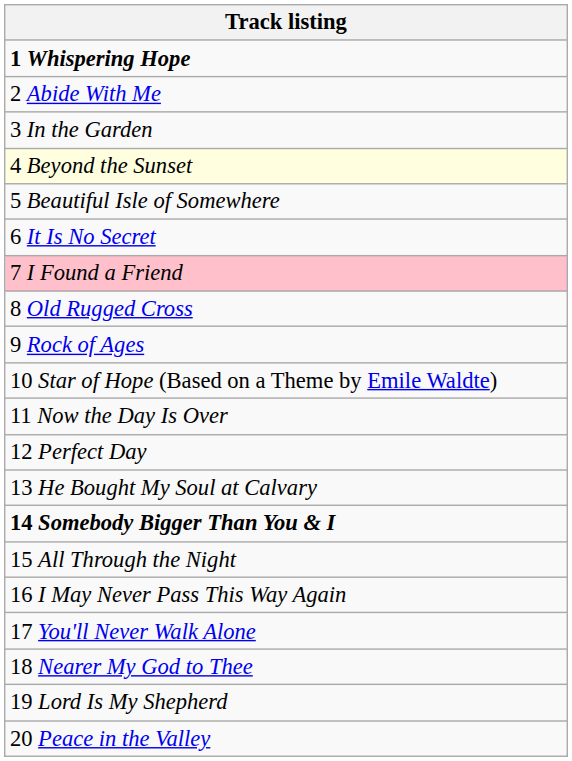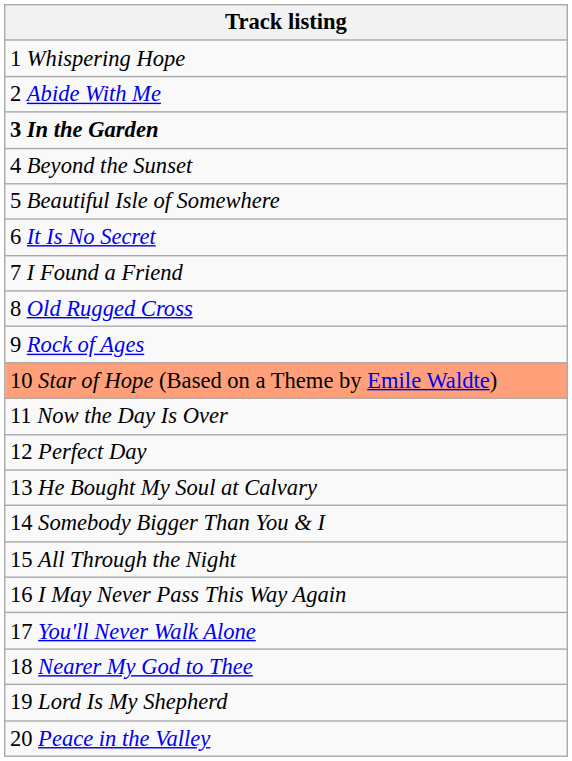 <table class="wikitable collapsible collapsed" style="width:400px;">
 <tr>
 <th>Track listing</th>
 </tr>
 <tr>
-<td><strong>1 <em>Whispering Hope</em></strong></td>
+<td>1 <em>Whispering Hope</em></td>
 </tr>
 <tr>
 <td>2 <em><a href='#'>Abide With Me</a></em></td>
 </tr>
 <tr>
-<td>3 <em>In the Garden</em></td>
+<td><strong>3 <em>In the Garden</em></strong></td>
 </tr>
 <tr>
-<td style="background: lightyellow;">4 <em>Beyond the Sunset</em></td>
+<td>4 <em>Beyond the Sunset</em></td>
 </tr>
 <tr>
 <td>5 <em>Beautiful Isle of Somewhere</em></td>
 </tr>
 <tr>
 <td>6 <em><a href='#'>It Is No Secret</a></em></td>
 </tr>
 <tr>
-<td style="background: pink;">7 <em>I Found a Friend</em></td>
+<td>7 <em>I Found a Friend</em></td>
 </tr>
 <tr>
 <td>8 <em><a href='#'>Old Rugged Cross</a></em></td>
 </tr>
 <tr>
 <td>9 <em><a href='#'>Rock of Ages</a></em></td>
 </tr>
 <tr>
-<td>10 <em>Star of Hope</em> (Based on a Theme by <a href='#'>Emile Waldte</a>)</td>
+<td style="background: lightsalmon;">10 <em>Star of Hope</em> (Based on a Theme by <a href='#'>Emile Waldte</a>)</td>
 </tr>
 <tr>
 <td>11 <em>Now the Day Is Over</em></td>
 </tr>
 <tr>
 <td>12 <em>Perfect Day</em></td>
 </tr>
 <tr>
 <td>13 <em>He Bought My Soul at Calvary</em></td>
 </tr>
 <tr>
-<td><strong>14 <em>Somebody Bigger Than You & I</em></strong></td>
+<td>14 <em>Somebody Bigger Than You & I</em></td>
 </tr>
 <tr>
 <td>15 <em>All Through the Night</em></td>
 </tr>
 <tr>
 <td>16 <em>I May Never Pass This Way Again</em></td>
 </tr>
 <tr>
 <td>17 <em><a href='#'>You'll Never Walk Alone</a></em></td>
 </tr>
 <tr>
 <td>18 <em><a href='#'>Nearer My God to Thee</a></em></td>
 </tr>
 <tr>
 <td>19 <em>Lord Is My Shepherd</em></td>
 </tr>
 <tr>
 <td>20 <em><a href='#'>Peace in the Valley</a></em></td>
 </tr>
 </table>
